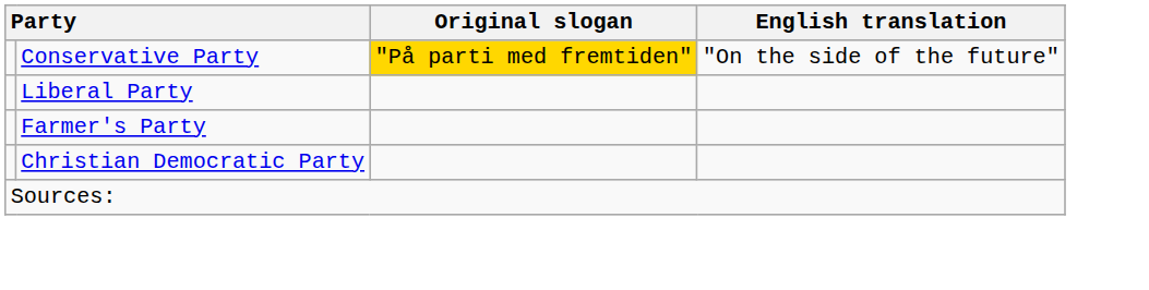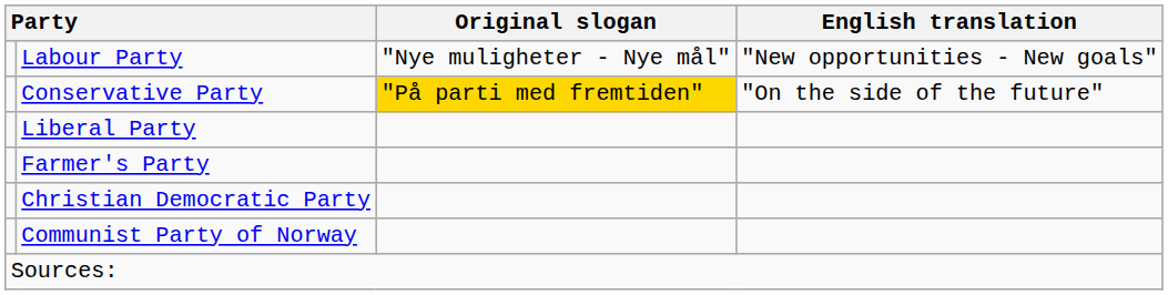 <table class="wikitable" style="font-size:97%; text-align:left">
 <tr>
 <th colspan="2" style="text-align:left;">Party</th>
 <th>Original slogan</th>
 <th>English translation</th>
+</tr>
+<tr>
+<td style="background:"></td>
+<td><a href='#'>Labour Party</a></td>
+<td>"Nye muligheter - Nye mål"</td>
+<td>"New opportunities - New goals"</td>
 </tr>
 <tr>
 <td style="background:"></td>
 <td><a href='#'>Conservative Party</a></td>
 <td style="background: gold;">"På parti med fremtiden"</td>
 <td>"On the side of the future"</td>
 </tr>
 <tr>
 <td style="background:"></td>
 <td><a href='#'>Liberal Party</a></td>
 <td></td>
 <td></td>
 </tr>
 <tr>
 <td style="background:"></td>
 <td><a href='#'>Farmer's Party</a></td>
 <td></td>
 <td></td>
 </tr>
 <tr>
 <td style="background:"></td>
 <td><a href='#'>Christian Democratic Party</a></td>
 <td></td>
 <td></td>
 </tr>
 <tr>
+<td style="background:"></td>
+<td><a href='#'>Communist Party of Norway</a></td>
+<td></td>
+<td></td>
+</tr>
+<tr>
 <td colspan="4">Sources: </td>
 </tr>
 </table>
